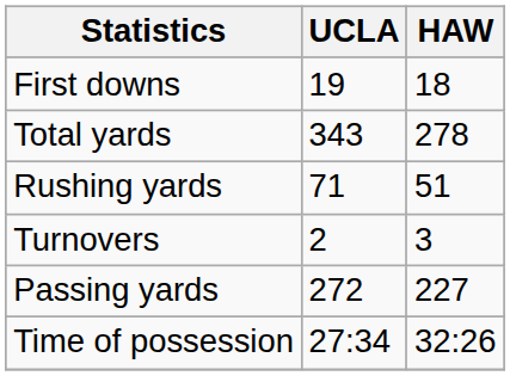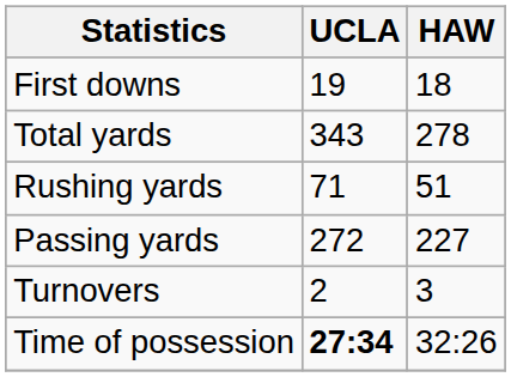 <table class="wikitable" style="float: left;">
 <tr>
 <th>Statistics</th>
 <th>UCLA</th>
 <th>HAW</th>
 </tr>
 <tr>
 <td>First downs</td>
 <td>19</td>
 <td>18</td>
 </tr>
 <tr>
 <td>Total yards</td>
 <td>343</td>
 <td>278</td>
 </tr>
 <tr>
 <td>Rushing yards</td>
 <td>71</td>
 <td>51</td>
 </tr>
 <tr>
+<td>Passing yards</td>
+<td>272</td>
+<td>227</td>
+</tr>
+<tr>
 <td>Turnovers</td>
 <td>2</td>
 <td>3</td>
 </tr>
 <tr>
-<td>Passing yards</td>
-<td>272</td>
-<td>227</td>
-</tr>
-<tr>
 <td>Time of possession</td>
-<td>27:34</td>
+<td><strong>27:34</strong></td>
 <td>32:26</td>
 </tr>
 <tr>
 </tr>
 </table>
